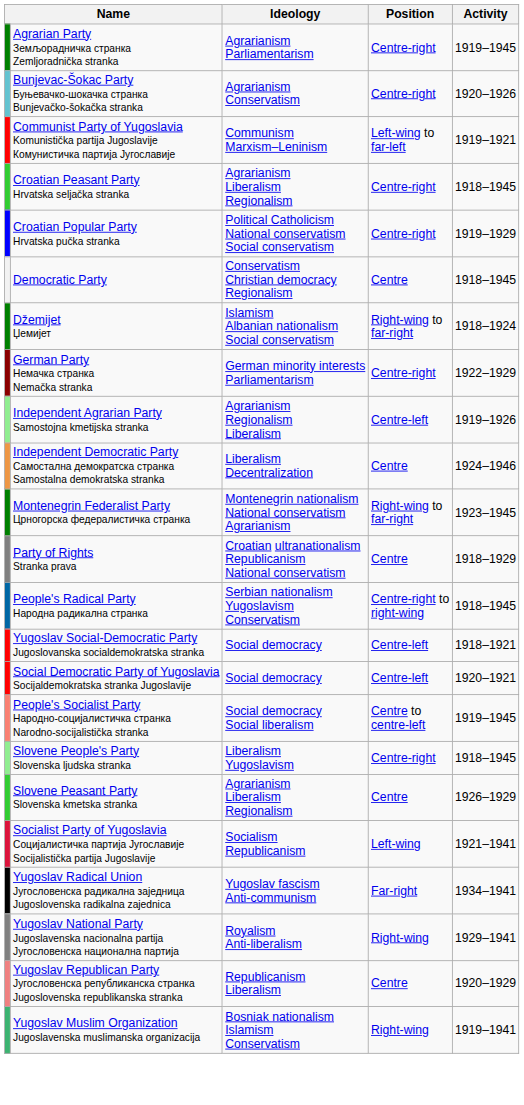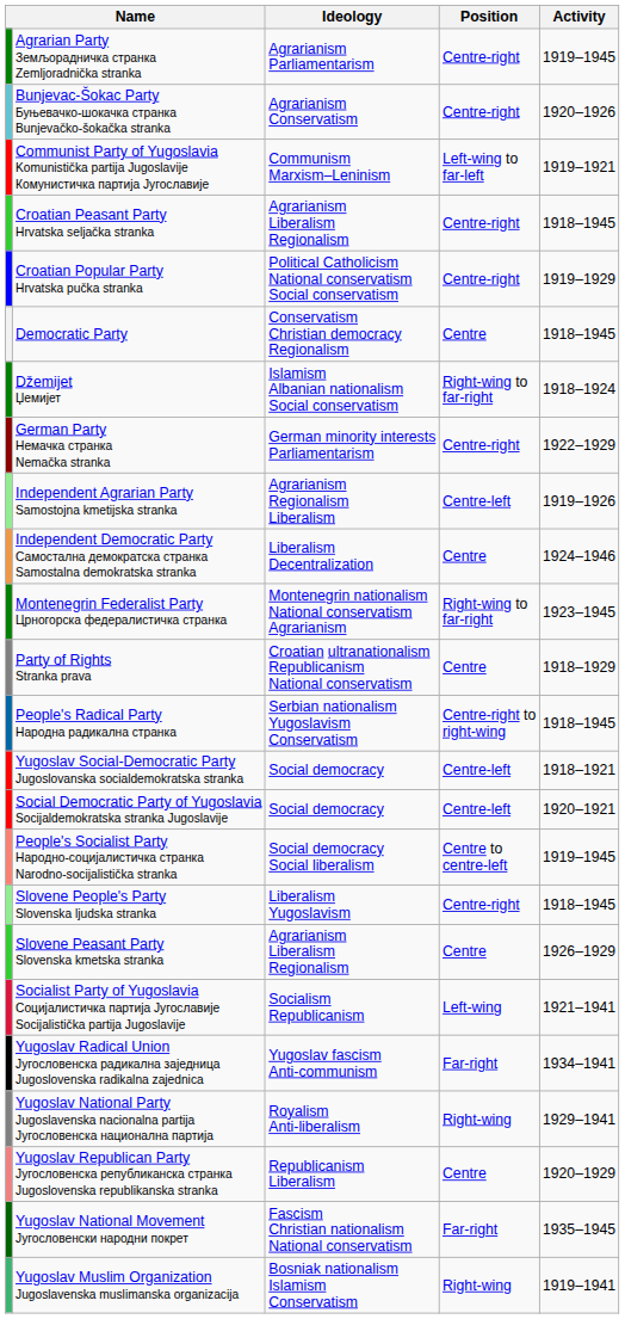 <table class="wikitable"  style="font-size:90%">
 <tr>
 <th Colspan=2>Name</th>
 <th>Ideology</th>
 <th>Position</th>
 <th>Activity</th>
 </tr>
 <tr>
 <th style="background-color:green;"></th>
 <td><a href='#'>Agrarian Party</a><br><small>Земљорадничка странка<br>Zemljoradnička stranka</small></td>
 <td><a href='#'>Agrarianism</a><br><a href='#'>Parliamentarism</a></td>
 <td><a href='#'>Centre-right</a></td>
 <td>1919–1945</td>
 </tr>
 <tr>
 <th style="background-color:#63C3D0;"></th>
 <td><a href='#'>Bunjevac-Šokac Party</a><br><small>Буњевачко-шокачка странка<br>Bunjevačko-šokačka stranka</small></td>
 <td><a href='#'>Agrarianism</a><br><a href='#'>Conservatism</a></td>
 <td><a href='#'>Centre-right</a></td>
 <td>1920–1926</td>
 </tr>
 <tr>
 <th style="background-color:red;"></th>
 <td><a href='#'>Communist Party of Yugoslavia</a><br><small>Komunistička partija Jugoslavije<br>Комунистичка партија Југославије</small></td>
 <td><a href='#'>Communism</a><br><a href='#'>Marxism–Leninism</a></td>
 <td><a href='#'>Left-wing</a> to<br><a href='#'>far-left</a></td>
 <td>1919–1921</td>
 </tr>
 <tr>
 <th style="background-color:#32CD32;"></th>
 <td><a href='#'>Croatian Peasant Party</a><br><small>Hrvatska seljačka stranka</small></td>
 <td><a href='#'>Agrarianism</a><br><a href='#'>Liberalism</a><br><a href='#'>Regionalism</a></td>
 <td><a href='#'>Centre-right</a></td>
 <td>1918–1945</td>
 </tr>
 <tr>
 <th style="background-color:blue;"></th>
 <td><a href='#'>Croatian Popular Party</a><br><small>Hrvatska pučka stranka</small></td>
 <td><a href='#'>Political Catholicism</a><br><a href='#'>National conservatism</a><br><a href='#'>Social conservatism</a></td>
 <td><a href='#'>Centre-right</a></td>
 <td>1919–1929</td>
 </tr>
 <tr>
 <th style="background-color:"></th>
 <td><a href='#'>Democratic Party</a><br><small><em></em></small></td>
 <td><a href='#'>Conservatism</a><br><a href='#'>Christian democracy</a><br><a href='#'>Regionalism</a></td>
 <td><a href='#'>Centre</a></td>
 <td>1918–1945</td>
 </tr>
 <tr>
 <th style="background-color:green;"></th>
 <td><a href='#'>Džemijet</a><br><small>Џемијет</small></td>
 <td><a href='#'>Islamism</a><br><a href='#'>Albanian nationalism</a><br><a href='#'>Social conservatism</a></td>
 <td><a href='#'>Right-wing</a> to<br><a href='#'>far-right</a></td>
 <td>1918–1924</td>
 </tr>
 <tr>
 <th style="background-color:darkred;"></th>
 <td><a href='#'>German Party</a><br><small>Немачка странка<br>Nemačka stranka</small></td>
 <td><a href='#'>German minority interests</a><br><a href='#'>Parliamentarism</a></td>
 <td><a href='#'>Centre-right</a></td>
 <td>1922–1929</td>
 </tr>
 <tr>
 <th style="background-color:lightgreen;"></th>
 <td><a href='#'>Independent Agrarian Party</a><br><small>Samostojna kmetijska stranka</small></td>
 <td><a href='#'>Agrarianism</a><br><a href='#'>Regionalism</a><br><a href='#'>Liberalism</a></td>
 <td><a href='#'>Centre-left</a></td>
 <td>1919–1926</td>
 </tr>
 <tr>
 <th style="background-color:#EE9745;"></th>
 <td><a href='#'>Independent Democratic Party</a><br><small>Самостална демократска странка<br>Samostalna demokratska stranka</small></td>
 <td><a href='#'>Liberalism</a><br><a href='#'>Decentralization</a></td>
 <td><a href='#'>Centre</a></td>
 <td>1924–1946</td>
 </tr>
 <tr>
 <th style="background-color:green;"></th>
 <td><a href='#'>Montenegrin Federalist Party</a><br><small>Црногорска федералистичка странка</small></td>
 <td><a href='#'>Montenegrin nationalism</a><br><a href='#'>National conservatism</a><br><a href='#'>Agrarianism</a></td>
 <td><a href='#'>Right-wing</a> to<br><a href='#'>far-right</a></td>
 <td>1923–1945</td>
 </tr>
 <tr>
 <th style="background-color:grey;"></th>
 <td><a href='#'>Party of Rights</a><br><small>Stranka prava</small></td>
 <td><a href='#'>Croatian</a> <a href='#'>ultranationalism</a><br><a href='#'>Republicanism</a><br><a href='#'>National conservatism</a></td>
 <td><a href='#'>Centre</a></td>
 <td>1918–1929</td>
 </tr>
 <tr>
 <th style="background-color:#0067A5;"></th>
 <td><a href='#'>People's Radical Party</a><br><small>Народна радикална странка</small></td>
 <td><a href='#'>Serbian nationalism</a><br><a href='#'>Yugoslavism</a><br><a href='#'>Conservatism</a></td>
 <td><a href='#'>Centre-right</a> to<br><a href='#'>right-wing</a></td>
 <td>1918–1945</td>
 </tr>
 <tr>
 <th style="background-color:red;"></th>
 <td><a href='#'>Yugoslav Social-Democratic Party</a><br><small>Jugoslovanska socialdemokratska stranka</small></td>
 <td><a href='#'>Social democracy</a></td>
 <td><a href='#'>Centre-left</a></td>
 <td>1918–1921</td>
 </tr>
 <tr>
 <th style="background-color:red;"></th>
 <td><a href='#'>Social Democratic Party of Yugoslavia</a><br><small>Socijaldemokratska stranka Jugoslavije</small></td>
 <td><a href='#'>Social democracy</a></td>
 <td><a href='#'>Centre-left</a></td>
 <td>1920–1921</td>
 </tr>
 <tr>
 <th style="background-color:#FA8072;"></th>
 <td><a href='#'>People's Socialist Party</a><br><small>Народно-социјалистичка странка<br>Narodno-socijalistička stranka</small></td>
 <td><a href='#'>Social democracy</a><br><a href='#'>Social liberalism</a></td>
 <td><a href='#'>Centre</a> to<br><a href='#'>centre-left</a></td>
 <td>1919–1945</td>
 </tr>
 <tr>
 <th style="background-color:lightgreen;"></th>
 <td><a href='#'>Slovene People's Party</a><br><small>Slovenska ljudska stranka</small></td>
 <td><a href='#'>Liberalism</a><br><a href='#'>Yugoslavism</a></td>
 <td><a href='#'>Centre-right</a></td>
 <td>1918–1945</td>
 </tr>
 <tr>
 <th style="background-color:#32CD32;"></th>
 <td><a href='#'>Slovene Peasant Party</a><br><small>Slovenska kmetska stranka</small></td>
 <td><a href='#'>Agrarianism</a><br><a href='#'>Liberalism</a><br><a href='#'>Regionalism</a></td>
 <td><a href='#'>Centre</a></td>
 <td>1926–1929</td>
 </tr>
 <tr>
 <th style="background-color:#DC143C;"></th>
 <td><a href='#'>Socialist Party of Yugoslavia</a><br><small>Социјалистичка партија Југославије<br>Socijalistička partija Jugoslavije</small></td>
 <td><a href='#'>Socialism</a><br><a href='#'>Republicanism</a></td>
 <td><a href='#'>Left-wing</a></td>
 <td>1921–1941</td>
 </tr>
 <tr>
 <th style="background-color:black;"></th>
 <td><a href='#'>Yugoslav Radical Union</a><br><small>Југословенска радикална заједница<br>Jugoslovenska radikalna zajednica</small></td>
 <td><a href='#'>Yugoslav fascism</a><br><a href='#'>Anti-communism</a></td>
 <td><a href='#'>Far-right</a></td>
 <td>1934–1941</td>
 </tr>
 <tr>
 <th style="background-color:grey;"></th>
 <td><a href='#'>Yugoslav National Party</a><br><small>Jugoslavenska nacionalna partija<br>Југословенска национална партија</small></td>
 <td><a href='#'>Royalism</a><br><a href='#'>Anti-liberalism</a></td>
 <td><a href='#'>Right-wing</a></td>
 <td>1929–1941</td>
 </tr>
 <tr>
 <th style="background-color:lightcoral;"></th>
 <td><a href='#'>Yugoslav Republican Party</a><br><small>Југословенска републиканска странка<br>Jugoslovenska republikanska stranka</small></td>
 <td><a href='#'>Republicanism</a><br><a href='#'>Liberalism</a></td>
 <td><a href='#'>Centre</a></td>
 <td>1920–1929</td>
 </tr>
 <tr>
+<th style="background-color:darkgreen;"></th>
+<td><a href='#'>Yugoslav National Movement</a><br><small>Југословенски народни покрет</small></td>
+<td><a href='#'>Fascism</a><br><a href='#'>Christian nationalism</a><br><a href='#'>National conservatism</a></td>
+<td><a href='#'>Far-right</a></td>
+<td>1935–1945</td>
+</tr>
+<tr>
 <th style="background-color:#3CB371;"></th>
 <td><a href='#'>Yugoslav Muslim Organization</a><br><small>Jugoslavenska muslimanska organizacija</small></td>
 <td><a href='#'>Bosniak nationalism</a><br><a href='#'>Islamism</a><br><a href='#'>Conservatism</a></td>
 <td><a href='#'>Right-wing</a></td>
 <td>1919–1941</td>
 </tr>
 </table>
